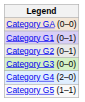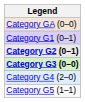 <table class=wikitable style=font-size:85%>
 <tr>
 <th>Legend</th>
 </tr>
 <tr bgcolor="F3E6D7">
 <td><a href='#'>Category GA</a> (0–0)</td>
 </tr>
 <tr bgcolor="d8cef6">
 <td><a href='#'>Category G1</a> (0–1)</td>
 </tr>
 <tr bgcolor="e9e9e9">
-<td><a href='#'>Category G2</a> (0–1)</td>
+<td><strong><a href='#'>Category G2</a> (0–1)</strong></td>
 </tr>
 <tr bgcolor="D4F1C5">
-<td><a href='#'>Category G3</a> (0–0)</td>
+<td><strong><a href='#'>Category G3</a> (0–0)</strong></td>
 </tr>
 <tr bgcolor="dfeeff">
 <td><a href='#'>Category G4</a> (2–0)</td>
 </tr>
 <tr>
 <td><a href='#'>Category G5</a> (1–1)</td>
 </tr>
 </table>
